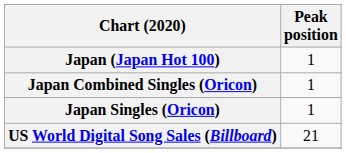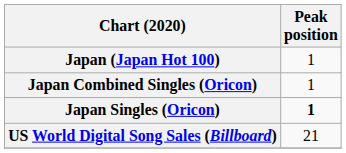 <table class="wikitable sortable plainrowheaders" style="text-align:center;">
 <tr>
 <th scope="col">Chart (2020)</th>
 <th scope="col">Peak<br>position</th>
 </tr>
 <tr>
 <th scope="row">Japan (<a href='#'>Japan Hot 100</a>)</th>
 <td>1</td>
 </tr>
 <tr>
 <th scope="row">Japan Combined Singles (<a href='#'>Oricon</a>)</th>
 <td>1</td>
 </tr>
 <tr>
 <th scope="row">Japan Singles (<a href='#'>Oricon</a>)</th>
-<td>1</td>
+<td><strong>1</strong></td>
 </tr>
 <tr>
 <th scope="row">US <a href='#'>World Digital Song Sales</a> (<em><a href='#'>Billboard</a></em>)</th>
 <td>21</td>
 </tr>
 <tr>
 </tr>
 </table>
